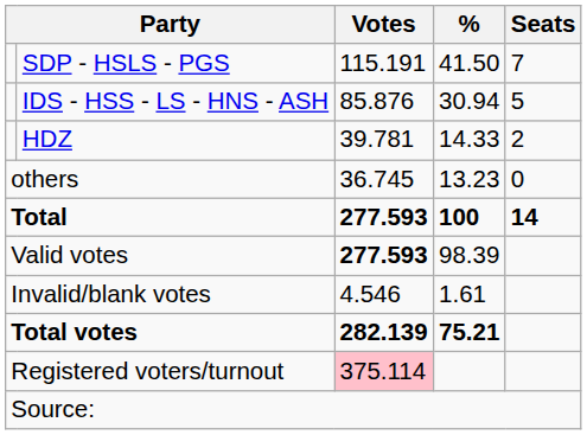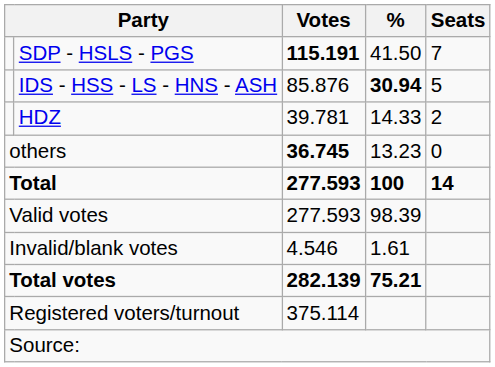 <table class="wikitable" style="text-align: left;">
 <tr>
 <th colspan="2">Party</th>
 <th>Votes</th>
 <th>%</th>
 <th>Seats</th>
 </tr>
 <tr>
 <td style="background-color: "></td>
 <td><a href='#'>SDP</a> - <a href='#'>HSLS</a> - <a href='#'>PGS</a></td>
-<td>115.191</td>
+<td><strong>115.191</strong></td>
 <td>41.50</td>
 <td>7</td>
 </tr>
 <tr>
 <td style="background-color: "></td>
 <td><a href='#'>IDS</a> - <a href='#'>HSS</a> - <a href='#'>LS</a> - <a href='#'>HNS</a> - <a href='#'>ASH</a></td>
 <td>85.876</td>
-<td>30.94</td>
+<td><strong>30.94</strong></td>
 <td>5</td>
 </tr>
 <tr>
 <td style="background-color: "></td>
 <td><a href='#'>HDZ</a></td>
 <td>39.781</td>
 <td>14.33</td>
 <td>2</td>
 </tr>
 <tr>
 <td colspan="2">others</td>
-<td>36.745</td>
+<td><strong>36.745</strong></td>
 <td>13.23</td>
 <td>0</td>
 </tr>
 <tr>
 <td colspan="2"><strong>Total</strong></td>
 <td><strong>277.593</strong></td>
 <td><strong>100</strong></td>
 <td><strong>14</strong></td>
 </tr>
 <tr>
 <td colspan="2">Valid votes</td>
-<td><strong>277.593</strong></td>
+<td>277.593</td>
 <td>98.39</td>
 <td></td>
 </tr>
 <tr>
 <td colspan="2">Invalid/blank votes</td>
 <td>4.546</td>
 <td>1.61</td>
 <td></td>
 </tr>
 <tr>
 <td colspan="2"><strong>Total votes</strong></td>
 <td><strong>282.139</strong></td>
 <td><strong>75.21</strong></td>
 <td></td>
 </tr>
 <tr>
 <td colspan="2">Registered voters/turnout</td>
-<td votes14="5343" style="background: pink;">375.114</td>
+<td votes14="5343">375.114</td>
 <td></td>
 <td></td>
 </tr>
 <tr>
 <td colspan="5">Source: </td>
 </tr>
 </table>
